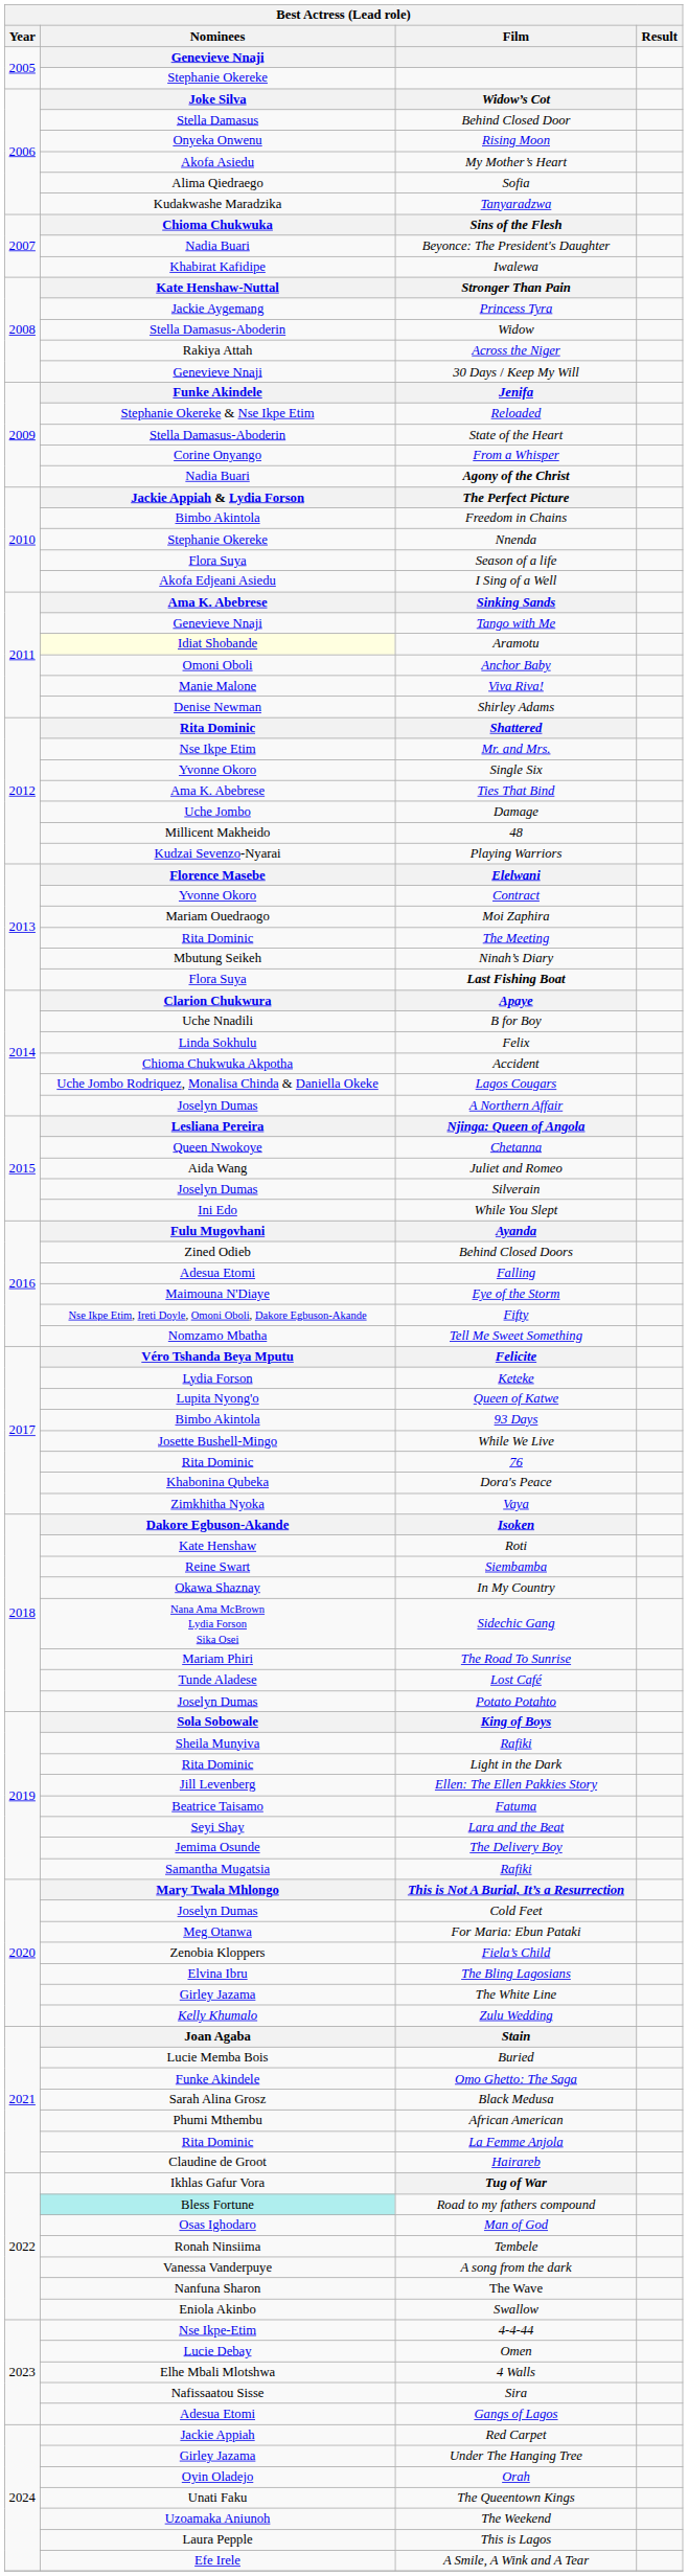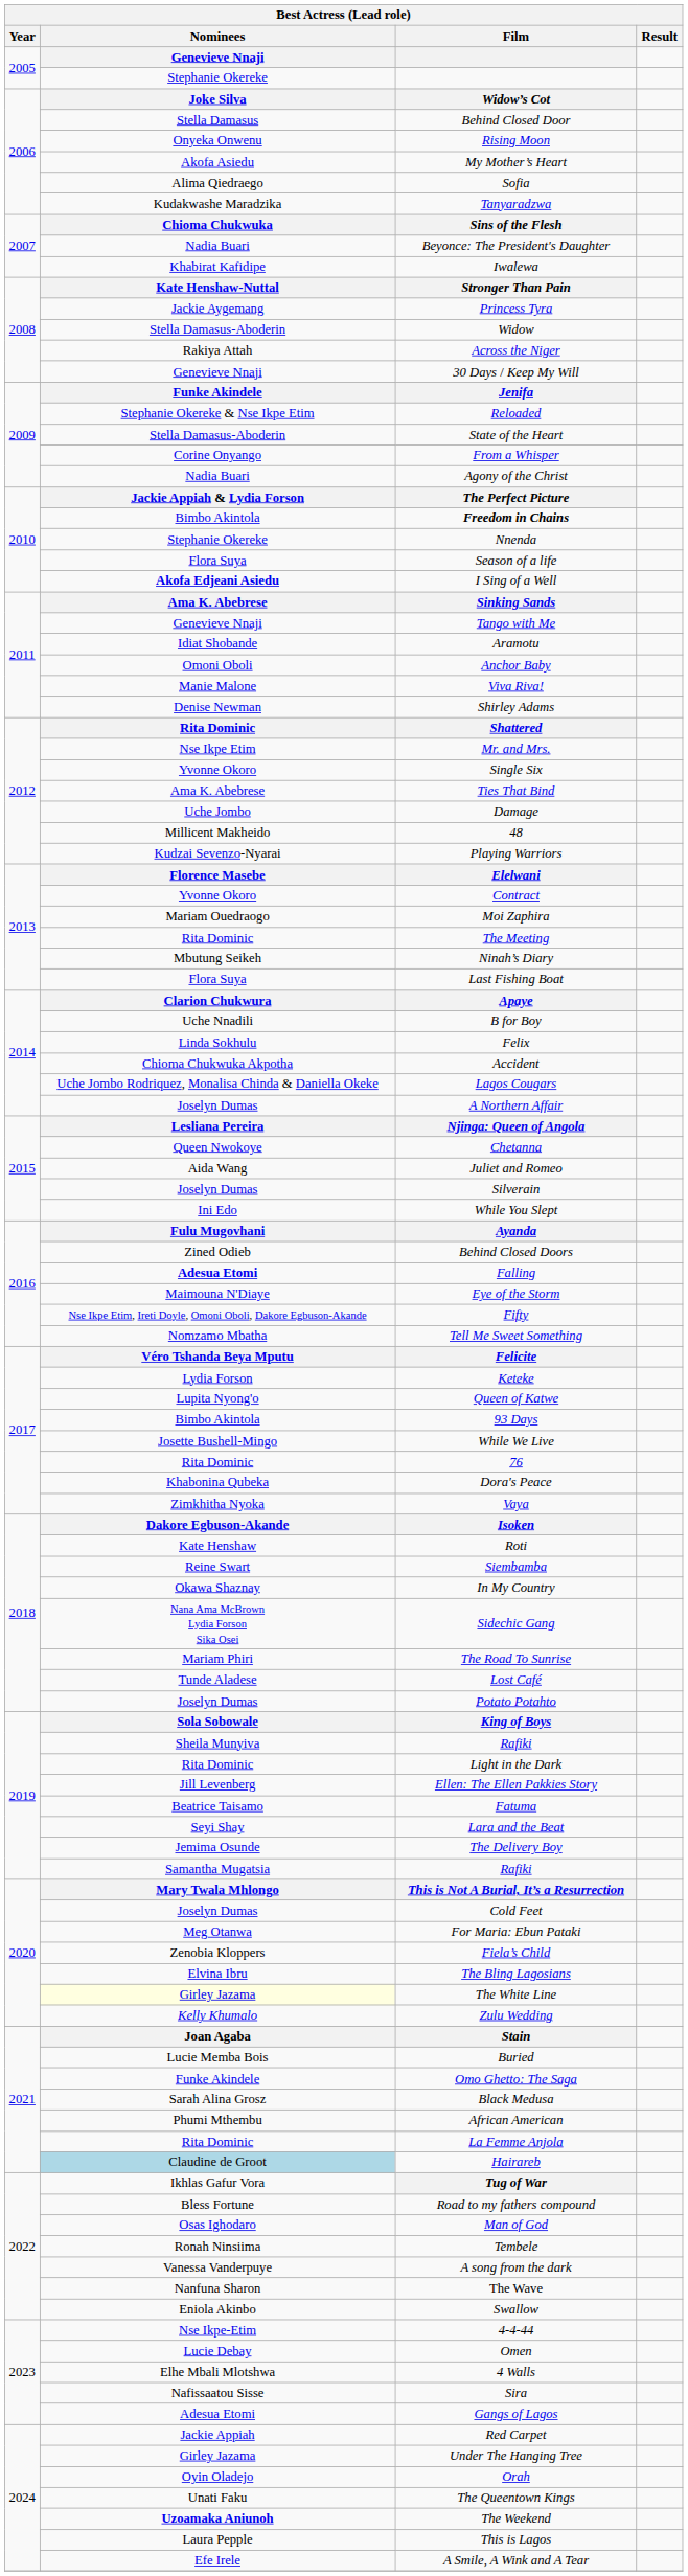 <table class=wikitable style="text-align:center" width="65%">
 <tr>
 <th colspan="4">Best Actress (Lead role)</th>
 </tr>
 <tr>
 <th>Year</th>
 <th>Nominees</th>
 <th>Film</th>
 <th>Result</th>
 </tr>
 <tr>
 <td rowspan="2"><a href='#'>2005</a></td>
 <th><a href='#'>Genevieve Nnaji</a></th>
 <th></th>
 <td></td>
 </tr>
 <tr>
 <td><a href='#'>Stephanie Okereke</a></td>
 <td></td>
 <td></td>
 </tr>
 <tr>
 <td rowspan="6"><a href='#'>2006</a></td>
 <th><a href='#'>Joke Silva</a></th>
 <th><em>Widow’s Cot</em></th>
 <td></td>
 </tr>
 <tr>
 <td><a href='#'>Stella Damasus</a></td>
 <td><em>Behind Closed Door</em></td>
 <td></td>
 </tr>
 <tr>
 <td><a href='#'>Onyeka Onwenu</a></td>
 <td><em><a href='#'>Rising Moon</a></em></td>
 <td></td>
 </tr>
 <tr>
 <td><a href='#'>Akofa Asiedu</a></td>
 <td><em>My Mother’s Heart</em></td>
 <td></td>
 </tr>
 <tr>
 <td>Alima Qiedraego</td>
 <td><em>Sofia</em></td>
 <td></td>
 </tr>
 <tr>
 <td>Kudakwashe Maradzika</td>
 <td><em><a href='#'>Tanyaradzwa</a></em></td>
 <td></td>
 </tr>
 <tr>
 <td rowspan="3"><a href='#'>2007</a></td>
 <th><a href='#'>Chioma Chukwuka</a></th>
 <th><em>Sins of the Flesh</em></th>
 <td></td>
 </tr>
 <tr>
 <td><a href='#'>Nadia Buari</a></td>
 <td><em>Beyonce: The President's Daughter</em></td>
 <td></td>
 </tr>
 <tr>
 <td><a href='#'>Khabirat Kafidipe</a></td>
 <td><em>Iwalewa</em></td>
 <td></td>
 </tr>
 <tr>
 <td rowspan="5"><a href='#'>2008</a></td>
 <th><a href='#'>Kate Henshaw-Nuttal</a></th>
 <th><em>Stronger Than Pain</em></th>
 <td></td>
 </tr>
 <tr>
 <td><a href='#'>Jackie Aygemang</a></td>
 <td><em><a href='#'>Princess Tyra</a></em></td>
 <td></td>
 </tr>
 <tr>
 <td><a href='#'>Stella Damasus-Aboderin</a></td>
 <td><em>Widow</em></td>
 <td></td>
 </tr>
 <tr>
 <td>Rakiya Attah</td>
 <td><em><a href='#'>Across the Niger</a></em></td>
 <td></td>
 </tr>
 <tr>
 <td><a href='#'>Genevieve Nnaji</a></td>
 <td><em>30 Days</em> / <em>Keep My Will</em></td>
 <td></td>
 </tr>
 <tr>
 <td rowspan="5"><a href='#'>2009</a></td>
 <th><a href='#'>Funke Akindele</a></th>
 <th><em><a href='#'>Jenifa</a></em></th>
 <td></td>
 </tr>
 <tr>
 <td><a href='#'>Stephanie Okereke</a> & <a href='#'>Nse Ikpe Etim</a></td>
 <td><em><a href='#'>Reloaded</a></em></td>
 <td></td>
 </tr>
 <tr>
 <td><a href='#'>Stella Damasus-Aboderin</a></td>
 <td><em>State of the Heart</em></td>
 <td></td>
 </tr>
 <tr>
 <td><a href='#'>Corine Onyango</a></td>
 <td><em><a href='#'>From a Whisper</a></em></td>
 <td></td>
 </tr>
 <tr>
 <td><a href='#'>Nadia Buari</a></td>
-<td><strong><em>Agony of the Christ</em></strong></td>
+<td><em>Agony of the Christ</em></td>
 <td></td>
 </tr>
 <tr>
 <td rowspan="5"><a href='#'>2010</a></td>
 <th><a href='#'>Jackie Appiah</a> & <a href='#'>Lydia Forson</a></th>
 <th><em>The Perfect Picture</em></th>
 <td></td>
 </tr>
 <tr>
 <td><a href='#'>Bimbo Akintola</a></td>
-<td><em>Freedom in Chains</em></td>
+<td><strong><em>Freedom in Chains</em></strong></td>
 <td></td>
 </tr>
 <tr>
 <td><a href='#'>Stephanie Okereke</a></td>
 <td><em>Nnenda</em></td>
 <td></td>
 </tr>
 <tr>
 <td><a href='#'>Flora Suya</a></td>
 <td><em>Season of a life</em></td>
 <td></td>
 </tr>
 <tr>
-<td><a href='#'>Akofa Edjeani Asiedu</a></td>
+<td><strong><a href='#'>Akofa Edjeani Asiedu</a></strong></td>
 <td><em>I Sing of a Well</em></td>
 <td></td>
 </tr>
 <tr>
 <td rowspan="6"><a href='#'>2011</a></td>
 <th><a href='#'>Ama K. Abebrese</a></th>
 <th><em><a href='#'>Sinking Sands</a></em></th>
 <td></td>
 </tr>
 <tr>
 <td><a href='#'>Genevieve Nnaji</a></td>
 <td><em><a href='#'>Tango with Me</a></em></td>
 <td></td>
 </tr>
 <tr>
-<td style="background: lightyellow;"><a href='#'>Idiat Shobande</a></td>
+<td><a href='#'>Idiat Shobande</a></td>
 <td><em>Aramotu</em></td>
 <td></td>
 </tr>
 <tr>
 <td><a href='#'>Omoni Oboli</a></td>
 <td><em><a href='#'>Anchor Baby</a></em></td>
 <td></td>
 </tr>
 <tr>
 <td><a href='#'>Manie Malone</a></td>
 <td><em><a href='#'>Viva Riva!</a></em></td>
 <td></td>
 </tr>
 <tr>
 <td><a href='#'>Denise Newman</a></td>
 <td><em>Shirley Adams</em></td>
 <td></td>
 </tr>
 <tr>
 <td rowspan="7"><a href='#'>2012</a></td>
 <th><a href='#'>Rita Dominic</a></th>
 <th><em><a href='#'>Shattered</a></em></th>
 <td></td>
 </tr>
 <tr>
 <td><a href='#'>Nse Ikpe Etim</a></td>
 <td><em><a href='#'>Mr. and Mrs.</a></em></td>
 <td></td>
 </tr>
 <tr>
 <td><a href='#'>Yvonne Okoro</a></td>
 <td><em>Single Six</em></td>
 <td></td>
 </tr>
 <tr>
 <td><a href='#'>Ama K. Abebrese</a></td>
 <td><em><a href='#'>Ties That Bind</a></em></td>
 <td></td>
 </tr>
 <tr>
 <td><a href='#'>Uche Jombo</a></td>
 <td><em>Damage</em></td>
 <td></td>
 </tr>
 <tr>
 <td>Millicent Makheido</td>
 <td><em>48</em></td>
 <td></td>
 </tr>
 <tr>
 <td><a href='#'>Kudzai Sevenzo</a>-Nyarai</td>
 <td><em>Playing Warriors</em></td>
 <td></td>
 </tr>
 <tr>
 <td rowspan="6"><a href='#'>2013</a></td>
 <th><a href='#'>Florence Masebe</a></th>
 <th><em><a href='#'>Elelwani</a></em></th>
 <td></td>
 </tr>
 <tr>
 <td><a href='#'>Yvonne Okoro</a></td>
 <td><em><a href='#'>Contract</a></em></td>
 <td></td>
 </tr>
 <tr>
 <td>Mariam Ouedraogo</td>
 <td><em>Moi Zaphira</em></td>
 <td></td>
 </tr>
 <tr>
 <td><a href='#'>Rita Dominic</a></td>
 <td><em><a href='#'>The Meeting</a></em></td>
 <td></td>
 </tr>
 <tr>
 <td>Mbutung Seikeh</td>
 <td><em>Ninah’s Diary</em></td>
 <td></td>
 </tr>
 <tr>
 <td><a href='#'>Flora Suya</a></td>
-<td><strong><em>Last Fishing Boat</em></strong></td>
+<td><em>Last Fishing Boat</em></td>
 <td></td>
 </tr>
 <tr>
 <td rowspan="6"><a href='#'>2014</a></td>
 <th><a href='#'>Clarion Chukwura</a></th>
 <th><em><a href='#'>Apaye</a></em></th>
 <td></td>
 </tr>
 <tr>
 <td>Uche Nnadili</td>
 <td><em>B for Boy</em></td>
 <td></td>
 </tr>
 <tr>
 <td><a href='#'>Linda Sokhulu</a></td>
 <td><em>Felix</em></td>
 <td></td>
 </tr>
 <tr>
 <td><a href='#'>Chioma Chukwuka Akpotha</a></td>
 <td><em>Accident</em></td>
 <td></td>
 </tr>
 <tr>
 <td><a href='#'>Uche Jombo Rodriquez</a>, <a href='#'>Monalisa Chinda</a> & <a href='#'>Daniella Okeke</a></td>
 <td><em><a href='#'>Lagos Cougars</a></em></td>
 <td></td>
 </tr>
 <tr>
 <td><a href='#'>Joselyn Dumas</a></td>
 <td><em><a href='#'>A Northern Affair</a></em></td>
 <td></td>
 </tr>
 <tr>
 <td rowspan="5"><a href='#'>2015</a></td>
 <th><a href='#'>Lesliana Pereira</a></th>
 <th><em><a href='#'>Njinga: Queen of Angola</a></em></th>
 <td></td>
 </tr>
 <tr>
 <td><a href='#'>Queen Nwokoye</a></td>
 <td><em><a href='#'>Chetanna</a></em></td>
 <td></td>
 </tr>
 <tr>
 <td>Aida Wang</td>
 <td><em>Juliet and Romeo</em></td>
 <td></td>
 </tr>
 <tr>
 <td><a href='#'>Joselyn Dumas</a></td>
 <td><em>Silverain</em></td>
 <td></td>
 </tr>
 <tr>
 <td><a href='#'>Ini Edo</a></td>
 <td><em>While You Slept</em></td>
 <td></td>
 </tr>
 <tr>
 <td rowspan="6"><a href='#'>2016</a></td>
 <th><a href='#'>Fulu Mugovhani</a></th>
 <th><em><a href='#'>Ayanda</a></em></th>
 <td></td>
 </tr>
 <tr>
 <td>Zined Odieb</td>
 <td><em>Behind Closed Doors</em></td>
 <td></td>
 </tr>
 <tr>
-<td><a href='#'>Adesua Etomi</a></td>
+<td><strong><a href='#'>Adesua Etomi</a></strong></td>
 <td><em><a href='#'>Falling</a></em></td>
 <td></td>
 </tr>
 <tr>
 <td><a href='#'>Maimouna N'Diaye</a></td>
 <td><em><a href='#'>Eye of the Storm</a></em></td>
 <td></td>
 </tr>
 <tr>
 <td><small><a href='#'>Nse Ikpe Etim</a>, <a href='#'>Ireti Doyle</a>, <a href='#'>Omoni Oboli</a>, <a href='#'>Dakore Egbuson-Akande</a> </small></td>
 <td><em><a href='#'>Fifty</a></em></td>
 <td></td>
 </tr>
 <tr>
 <td><a href='#'>Nomzamo Mbatha</a></td>
 <td><em><a href='#'>Tell Me Sweet Something</a></em></td>
 <td></td>
 </tr>
 <tr>
 <td rowspan="8"><a href='#'>2017</a></td>
 <th><a href='#'>Véro Tshanda Beya Mputu</a></th>
 <th><em><a href='#'>Felicite</a></em></th>
 <td></td>
 </tr>
 <tr>
 <td><a href='#'>Lydia Forson</a></td>
 <td><em><a href='#'>Keteke</a></em></td>
 <td></td>
 </tr>
 <tr>
 <td><a href='#'>Lupita Nyong'o</a></td>
 <td><em><a href='#'>Queen of Katwe</a></em></td>
 <td></td>
 </tr>
 <tr>
 <td><a href='#'>Bimbo Akintola</a></td>
 <td><em><a href='#'>93 Days</a></em></td>
 <td></td>
 </tr>
 <tr>
 <td><a href='#'>Josette Bushell-Mingo</a></td>
 <td><em>While We Live</em></td>
 <td></td>
 </tr>
 <tr>
 <td><a href='#'>Rita Dominic</a></td>
 <td><em><a href='#'>76</a></em></td>
 <td></td>
 </tr>
 <tr>
 <td><a href='#'>Khabonina Qubeka</a></td>
 <td><em>Dora's Peace</em></td>
 <td></td>
 </tr>
 <tr>
 <td><a href='#'>Zimkhitha Nyoka</a></td>
 <td><em><a href='#'>Vaya</a></em></td>
 <td></td>
 </tr>
 <tr>
 <td rowspan="8"><a href='#'>2018</a></td>
 <th><a href='#'>Dakore Egbuson-Akande</a></th>
 <th><em><a href='#'>Isoken</a></em></th>
 <td></td>
 </tr>
 <tr>
 <td><a href='#'>Kate Henshaw</a></td>
 <td><em>Roti</em></td>
 <td></td>
 </tr>
 <tr>
 <td><a href='#'>Reine Swart</a></td>
 <td><em><a href='#'>Siembamba</a></em></td>
 <td></td>
 </tr>
 <tr>
 <td><a href='#'>Okawa Shaznay</a></td>
 <td><em>In My Country</em></td>
 <td></td>
 </tr>
 <tr>
 <td><small><a href='#'>Nana Ama McBrown</a> <br> <a href='#'>Lydia Forson</a> <br> <a href='#'>Sika Osei</a></small></td>
 <td><em><a href='#'>Sidechic Gang</a></em></td>
 <td></td>
 </tr>
 <tr>
 <td><a href='#'>Mariam Phiri</a></td>
 <td><em><a href='#'>The Road To Sunrise</a></em></td>
 <td></td>
 </tr>
 <tr>
 <td><a href='#'>Tunde Aladese</a></td>
 <td><em><a href='#'>Lost Café</a></em></td>
 <td></td>
 </tr>
 <tr>
 <td><a href='#'>Joselyn Dumas</a></td>
 <td><em><a href='#'>Potato Potahto</a></em></td>
 <td></td>
 </tr>
 <tr>
 <td rowspan="8"><a href='#'>2019</a></td>
 <th><strong><a href='#'>Sola Sobowale</a></strong></th>
 <th><strong><em><a href='#'>King of Boys</a></em></strong></th>
 <td></td>
 </tr>
 <tr>
 <td><a href='#'>Sheila Munyiva</a></td>
 <td><em><a href='#'>Rafiki</a></em></td>
 <td></td>
 </tr>
 <tr>
 <td><a href='#'>Rita Dominic</a></td>
 <td><em>Light in the Dark</em></td>
 <td></td>
 </tr>
 <tr>
 <td><a href='#'>Jill Levenberg</a></td>
 <td><em><a href='#'>Ellen: The Ellen Pakkies Story</a></em></td>
 <td></td>
 </tr>
 <tr>
 <td><a href='#'>Beatrice Taisamo</a></td>
 <td><em><a href='#'>Fatuma</a></em></td>
 <td></td>
 </tr>
 <tr>
 <td><a href='#'>Seyi Shay</a></td>
 <td><em><a href='#'>Lara and the Beat</a></em></td>
 <td></td>
 </tr>
 <tr>
 <td><a href='#'>Jemima Osunde</a></td>
 <td><em><a href='#'>The Delivery Boy</a></em></td>
 <td></td>
 </tr>
 <tr>
 <td><a href='#'>Samantha Mugatsia</a></td>
 <td><em><a href='#'>Rafiki</a></em></td>
 <td></td>
 </tr>
 <tr>
 <td rowspan="7"><a href='#'>2020</a></td>
 <th><strong><a href='#'>Mary Twala Mhlongo</a></strong></th>
 <th><em><a href='#'>This is Not A Burial, It’s a Resurrection</a></em></th>
 <td></td>
 </tr>
 <tr>
 <td><a href='#'>Joselyn Dumas</a></td>
 <td><em>Cold Feet</em></td>
 <td></td>
 </tr>
 <tr>
 <td><a href='#'>Meg Otanwa</a></td>
 <td><em>For Maria: Ebun Pataki</em></td>
 <td></td>
 </tr>
 <tr>
 <td>Zenobia Kloppers</td>
 <td><em><a href='#'>Fiela’s Child</a></em></td>
 <td></td>
 </tr>
 <tr>
 <td><a href='#'>Elvina Ibru</a></td>
 <td><em><a href='#'>The Bling Lagosians</a></em></td>
 <td></td>
 </tr>
 <tr>
-<td><a href='#'>Girley Jazama</a></td>
+<td style="background: lightyellow;"><a href='#'>Girley Jazama</a></td>
 <td><em>The</em> <em>White Line</em></td>
 <td></td>
 </tr>
 <tr>
 <td><em><a href='#'>Kelly Khumalo</a></em></td>
 <td><em><a href='#'>Zulu Wedding</a></em></td>
 <td></td>
 </tr>
 <tr>
 <td rowspan="7"><a href='#'>2021</a></td>
 <th>Joan Agaba</th>
 <th><em>Stain</em></th>
 <td></td>
 </tr>
 <tr>
 <td>Lucie Memba Bois</td>
 <td><em>Buried</em></td>
 <td></td>
 </tr>
 <tr>
 <td><a href='#'>Funke Akindele</a></td>
 <td><em><a href='#'>Omo Ghetto: The Saga</a></em></td>
 <td></td>
 </tr>
 <tr>
 <td>Sarah Alina Grosz</td>
 <td><em>Black Medusa</em></td>
 <td></td>
 </tr>
 <tr>
 <td>Phumi Mthembu</td>
 <td><em>African American</em></td>
 <td></td>
 </tr>
 <tr>
 <td><a href='#'>Rita Dominic</a></td>
 <td><em><a href='#'>La Femme Anjola</a></em></td>
 <td></td>
 </tr>
 <tr>
-<td>Claudine de Groot</td>
+<td style="background: lightblue;">Claudine de Groot</td>
 <td><em><a href='#'>Hairareb</a></em></td>
 <td></td>
 </tr>
 <tr>
 <td rowspan="7">2022</td>
 <td>Ikhlas Gafur Vora</td>
 <th><em>Tug of War</em></th>
 <td></td>
 </tr>
 <tr>
-<td style="background: paleturquoise;">Bless Fortune</td>
+<td>Bless Fortune</td>
 <td><em>Road to my fathers compound</em></td>
 <td></td>
 </tr>
 <tr>
 <td><a href='#'>Osas Ighodaro</a></td>
 <td><em><a href='#'>Man of God</a></em></td>
 <td></td>
 </tr>
 <tr>
 <td>Ronah Ninsiima</td>
 <td><em>Tembele</em></td>
 <td></td>
 </tr>
 <tr>
 <td>Vanessa Vanderpuye</td>
 <td><em>A song from the dark</em></td>
 <td></td>
 </tr>
 <tr>
 <td>Nanfuna Sharon</td>
 <td>The Wave</td>
 <td></td>
 </tr>
 <tr>
 <td>Eniola Akinbo</td>
 <td><em>Swallow</em></td>
 <td></td>
 </tr>
 <tr>
 <td rowspan=5>2023</td>
 <td><a href='#'>Nse Ikpe-Etim</a></td>
 <td><em>4-4-44</em></td>
 <td></td>
 </tr>
 <tr>
 <td><a href='#'>Lucie Debay</a></td>
 <td><em>Omen</em></td>
 <td></td>
 </tr>
 <tr>
 <td>Elhe Mbali Mlotshwa</td>
 <td><em>4 Walls</em></td>
 <td></td>
 </tr>
 <tr>
 <td>Nafissaatou Sisse</td>
 <td><em>Sira</em></td>
 <td></td>
 </tr>
 <tr>
 <td><a href='#'>Adesua Etomi</a></td>
 <td><em><a href='#'>Gangs of Lagos</a></em></td>
 <td></td>
 </tr>
 <tr>
 <td rowspan=7>2024</td>
 <td><a href='#'>Jackie Appiah</a></td>
 <td><em>Red Carpet</em></td>
 <td></td>
 </tr>
 <tr>
 <td><a href='#'>Girley Jazama</a></td>
 <td><em>Under The Hanging Tree</em></td>
 <td></td>
 </tr>
 <tr>
 <td><a href='#'>Oyin Oladejo</a></td>
 <td><em><a href='#'>Orah</a></em></td>
 <td></td>
 </tr>
 <tr>
 <td>Unati Faku</td>
 <td><em>The Queentown Kings</em></td>
 <td></td>
 </tr>
 <tr>
-<td><a href='#'>Uzoamaka Aniunoh</a></td>
+<td><strong><a href='#'>Uzoamaka Aniunoh</a></strong></td>
 <td><em>The Weekend</em></td>
 <td></td>
 </tr>
 <tr>
 <td>Laura Pepple</td>
 <td><em>This is Lagos</em></td>
 <td></td>
 </tr>
 <tr>
 <td><a href='#'>Efe Irele</a></td>
 <td><em>A Smile, A Wink and A Tear</em></td>
 <td></td>
 </tr>
 <tr>
 </tr>
 </table>
